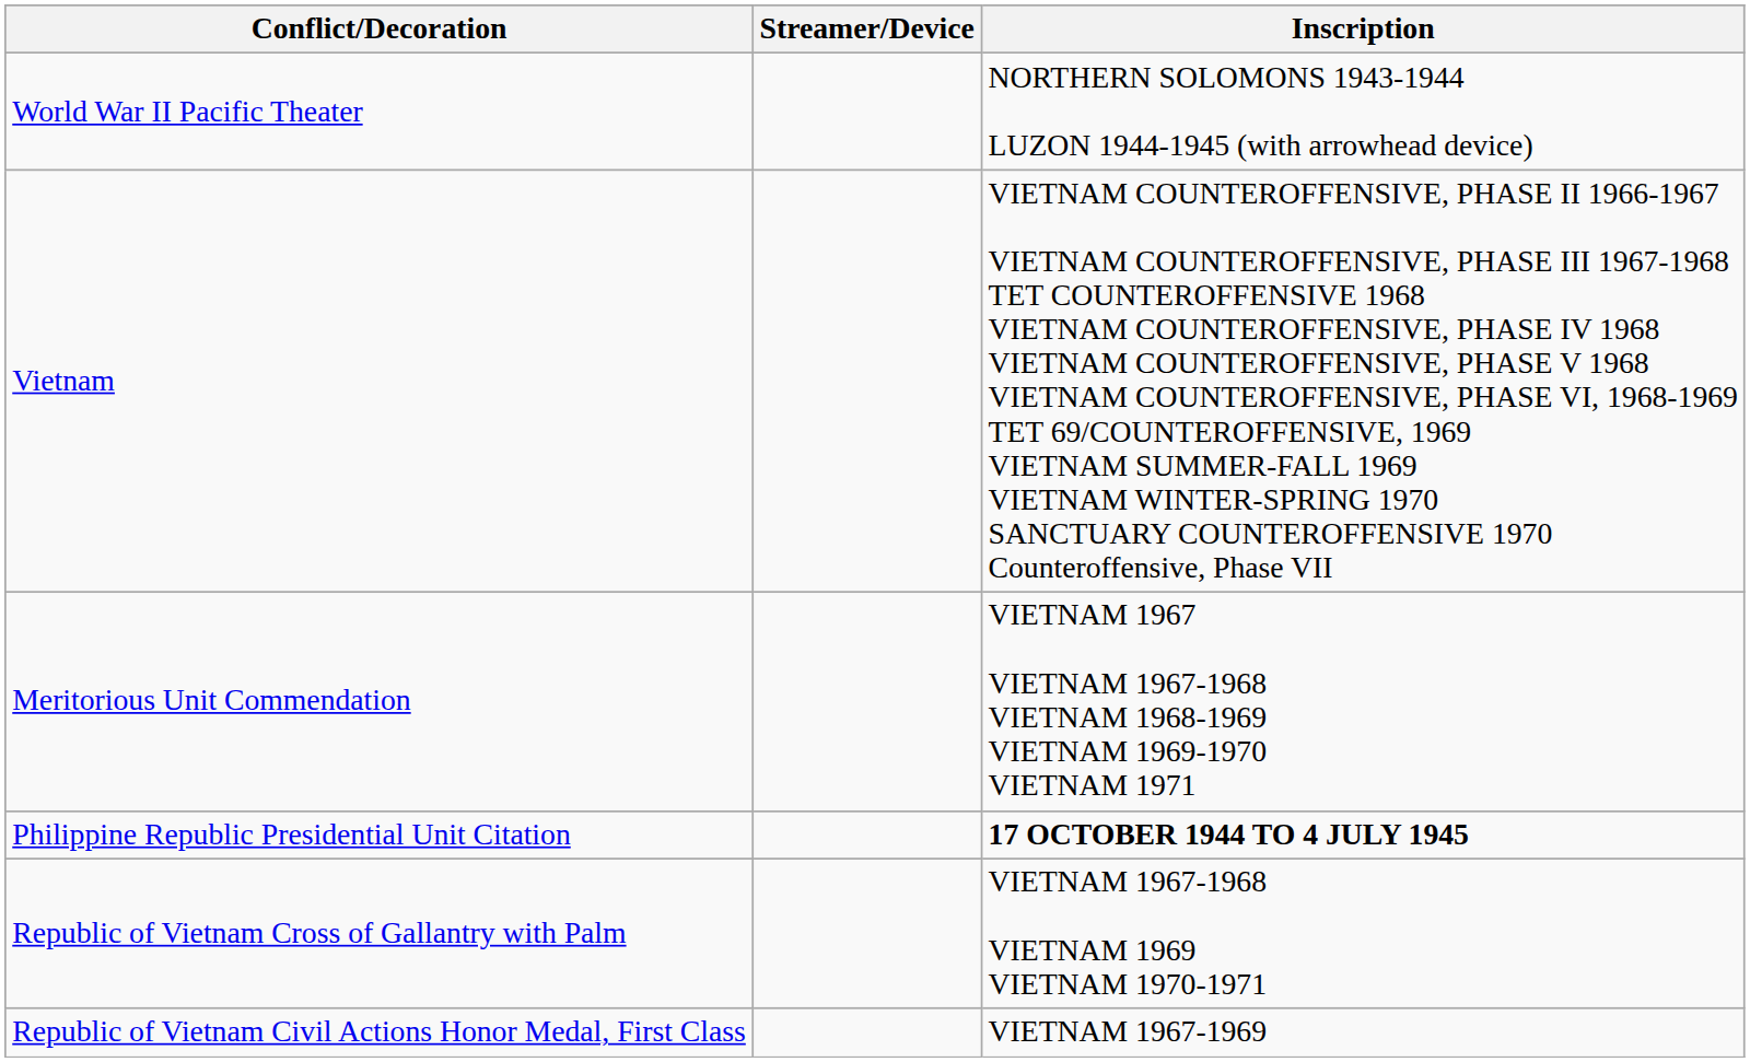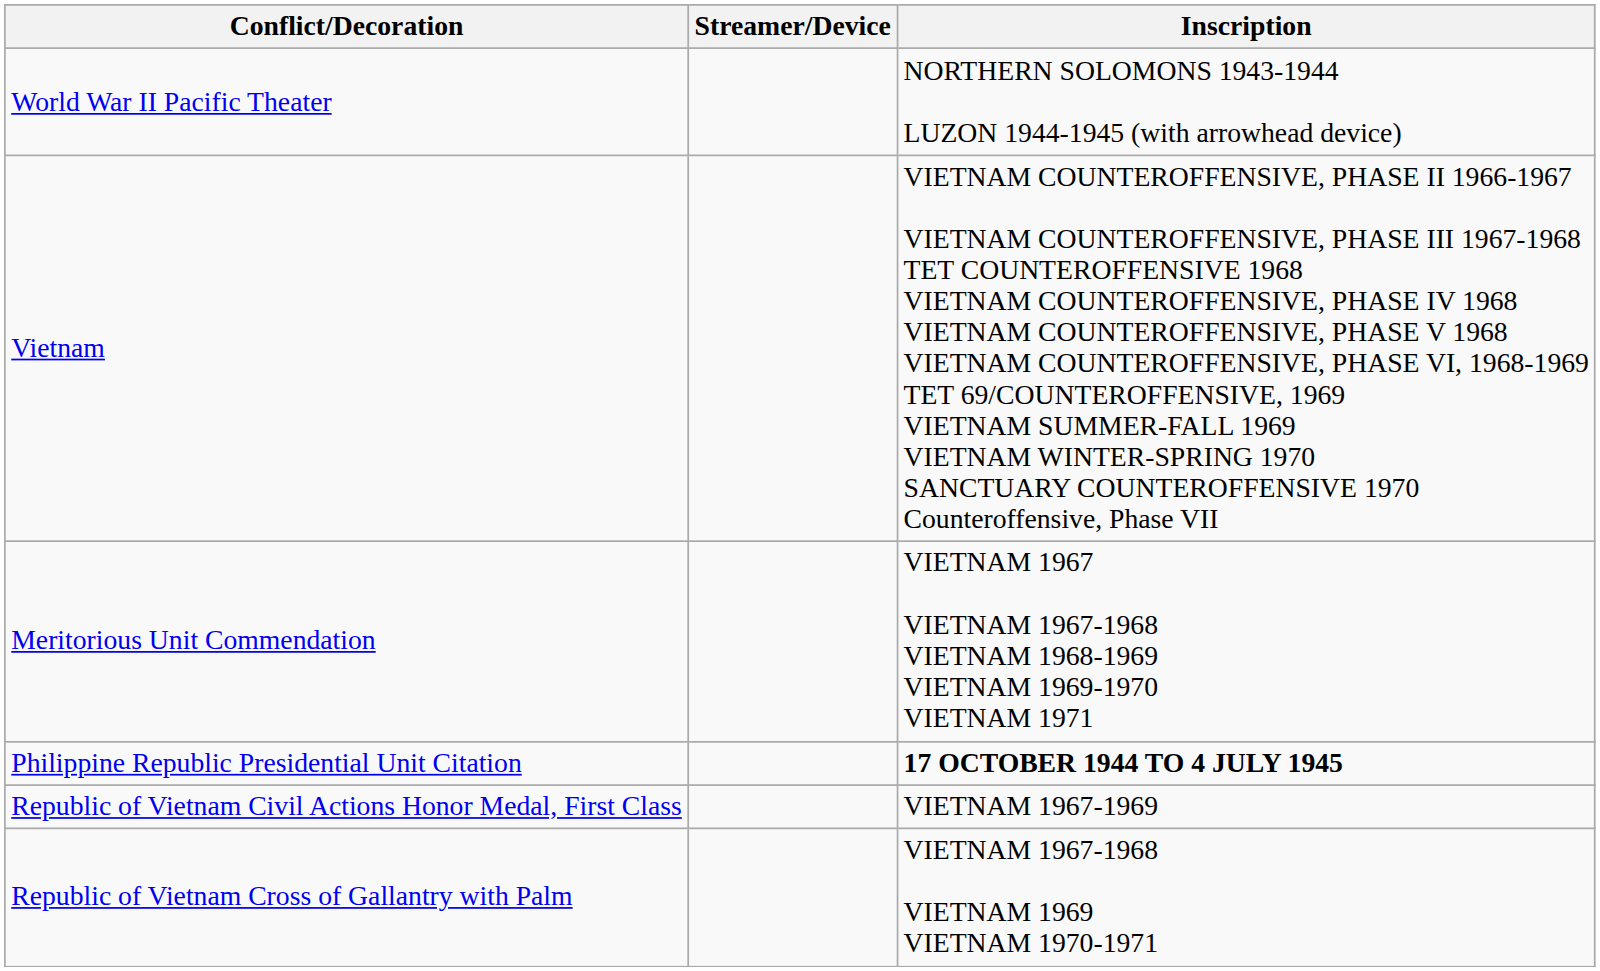 <table class="wikitable">
 <tr style="background:#efefef;">
 <th>Conflict/Decoration</th>
 <th>Streamer/Device</th>
 <th>Inscription</th>
 </tr>
 <tr>
 <td><a href='#'>World War II Pacific Theater</a></td>
 <td><br></td>
 <td>NORTHERN SOLOMONS 1943-1944<br><br>LUZON 1944-1945 (with arrowhead device)</td>
 </tr>
 <tr>
 <td><a href='#'>Vietnam</a></td>
 <td><br><br><br> <br> <br> <br> <br> <br> <br> <br> <br> <br></td>
 <td>VIETNAM COUNTEROFFENSIVE, PHASE II 1966-1967<br><br>VIETNAM COUNTEROFFENSIVE, PHASE III 1967-1968<br> TET COUNTEROFFENSIVE 1968<br> VIETNAM COUNTEROFFENSIVE, PHASE IV 1968<br> VIETNAM COUNTEROFFENSIVE, PHASE V 1968<br> VIETNAM COUNTEROFFENSIVE, PHASE VI, 1968-1969<br> TET 69/COUNTEROFFENSIVE, 1969<br> VIETNAM SUMMER-FALL 1969<br> VIETNAM WINTER-SPRING 1970<br> SANCTUARY COUNTEROFFENSIVE 1970<br> Counteroffensive, Phase VII<br></td>
 </tr>
 <tr>
 <td><a href='#'>Meritorious Unit Commendation</a></td>
 <td><br><br><br> <br> <br> </td>
 <td>VIETNAM 1967<br><br>VIETNAM 1967-1968<br> VIETNAM 1968-1969<br> VIETNAM 1969-1970<br> VIETNAM 1971<br></td>
 </tr>
 <tr>
 <td><a href='#'>Philippine Republic Presidential Unit Citation</a></td>
 <td></td>
 <td><strong>17 OCTOBER 1944 TO 4 JULY 1945</strong></td>
 </tr>
 <tr>
+<td><a href='#'>Republic of Vietnam Civil Actions Honor Medal, First Class</a></td>
+<td></td>
+<td>VIETNAM 1967-1969</td>
+</tr>
+<tr>
 <td><a href='#'>Republic of Vietnam Cross of Gallantry with Palm</a><br></td>
 <td><br><br><br> <br></td>
 <td>VIETNAM 1967-1968<br><br>VIETNAM 1969<br> VIETNAM 1970-1971<br></td>
 </tr>
-<tr>
-<td><a href='#'>Republic of Vietnam Civil Actions Honor Medal, First Class</a></td>
-<td></td>
-<td>VIETNAM 1967-1969</td>
-</tr>
 </table>
